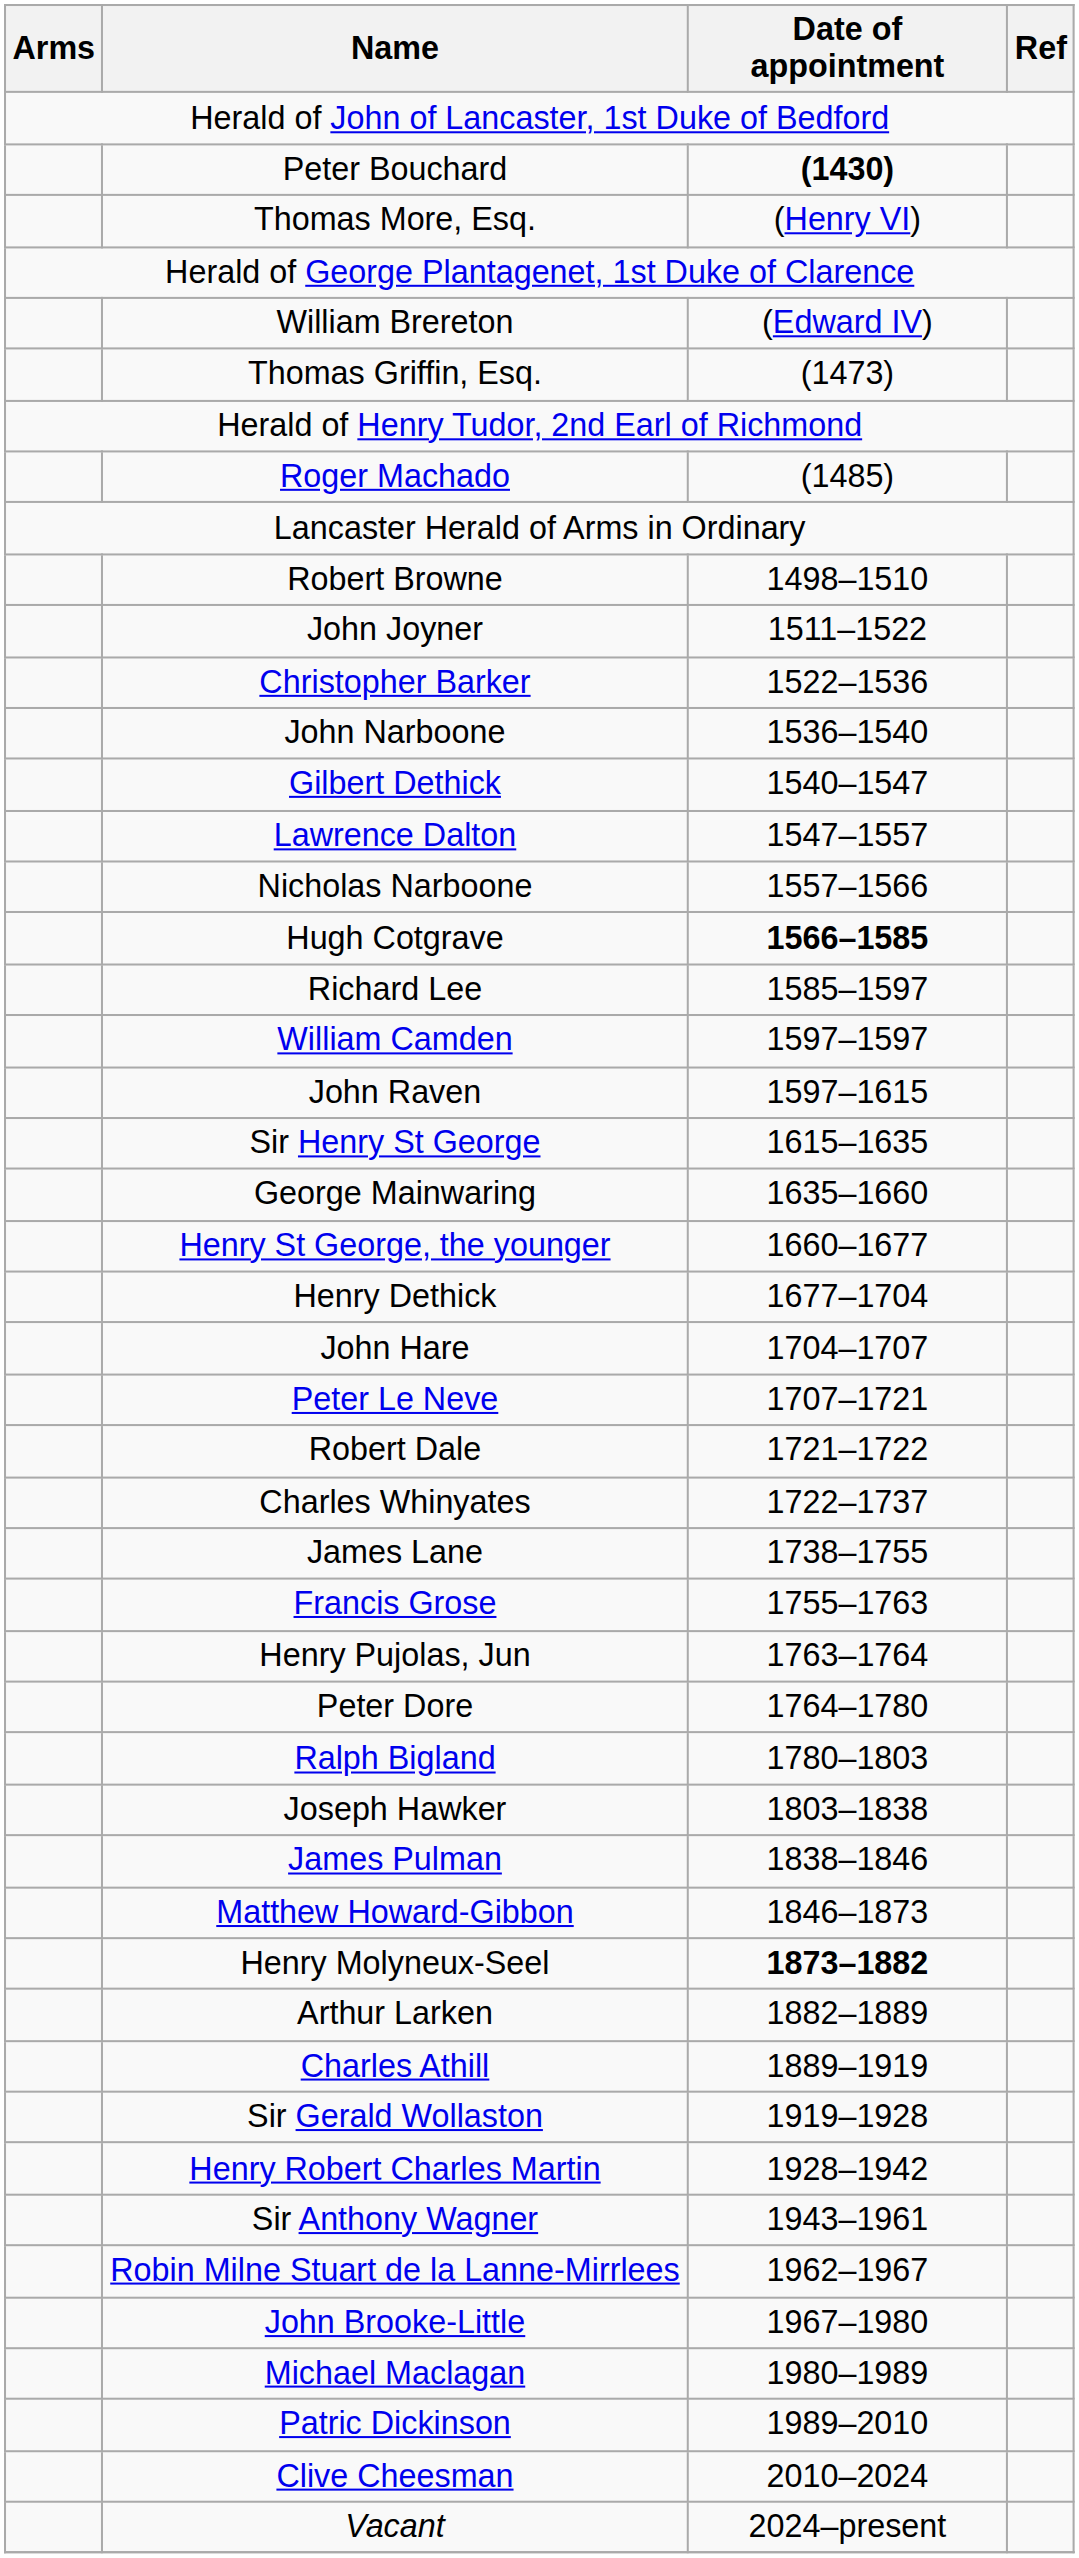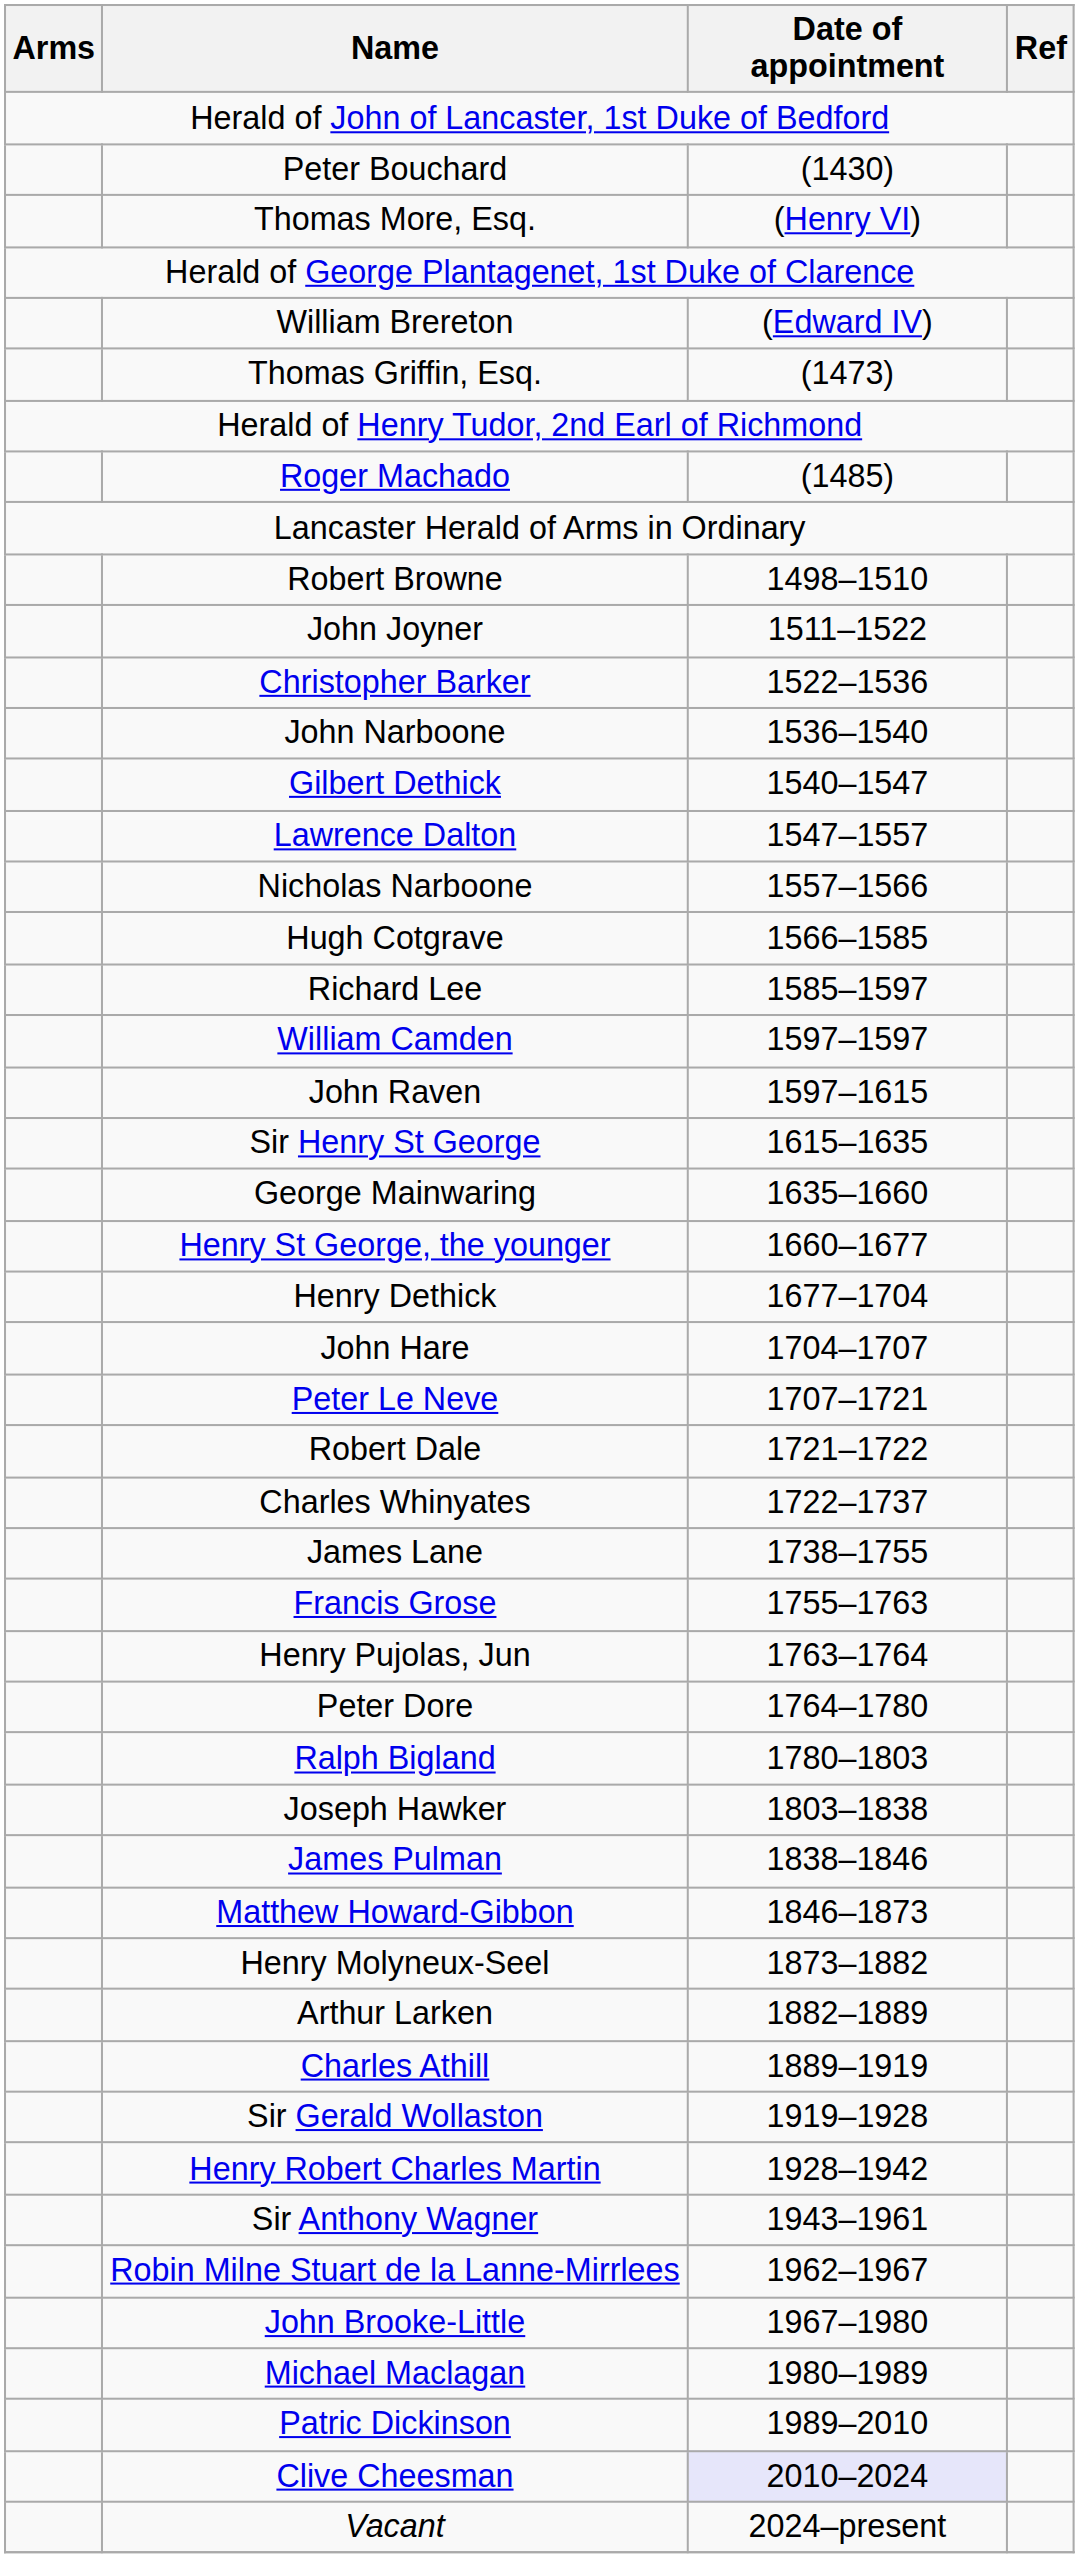 <table class="wikitable" style="text-align:center; width:60%">
 <tr>
 <th>Arms</th>
 <th style="width:55%">Name</th>
 <th style="width:30%">Date of appointment</th>
 <th style="width:5%">Ref</th>
 </tr>
 <tr>
 <td colspan="5" align="center">Herald of <a href='#'>John of Lancaster, 1st Duke of Bedford</a></td>
 </tr>
 <tr>
 <td></td>
 <td>Peter Bouchard</td>
-<td><strong>(1430)</strong></td>
+<td>(1430)</td>
 <td></td>
 </tr>
 <tr>
 <td></td>
 <td>Thomas More, Esq.</td>
 <td>(<a href='#'>Henry VI</a>)</td>
 <td></td>
 </tr>
 <tr>
 <td colspan="5" align="center">Herald of <a href='#'>George Plantagenet, 1st Duke of Clarence</a></td>
 </tr>
 <tr>
 <td></td>
 <td>William Brereton</td>
 <td>(<a href='#'>Edward IV</a>)</td>
 <td></td>
 </tr>
 <tr>
 <td></td>
 <td>Thomas Griffin, Esq.</td>
 <td>(1473)</td>
 <td></td>
 </tr>
 <tr>
 <td colspan="5" align="center">Herald of <a href='#'>Henry Tudor, 2nd Earl of Richmond</a></td>
 </tr>
 <tr>
 <td></td>
 <td><a href='#'>Roger Machado</a></td>
 <td>(1485)</td>
 <td></td>
 </tr>
 <tr>
 <td colspan="5" align="center">Lancaster Herald of Arms in Ordinary</td>
 </tr>
 <tr>
 <td></td>
 <td>Robert Browne</td>
 <td>1498–1510</td>
 <td></td>
 </tr>
 <tr>
 <td></td>
 <td>John Joyner</td>
 <td>1511–1522</td>
 <td></td>
 </tr>
 <tr>
 <td></td>
 <td><a href='#'>Christopher Barker</a></td>
 <td>1522–1536</td>
 <td></td>
 </tr>
 <tr>
 <td></td>
 <td>John Narboone</td>
 <td>1536–1540</td>
 <td></td>
 </tr>
 <tr>
 <td></td>
 <td><a href='#'>Gilbert Dethick</a></td>
 <td>1540–1547</td>
 <td></td>
 </tr>
 <tr>
 <td></td>
 <td><a href='#'>Lawrence Dalton</a></td>
 <td>1547–1557</td>
 <td></td>
 </tr>
 <tr>
 <td></td>
 <td>Nicholas Narboone</td>
 <td>1557–1566</td>
 <td></td>
 </tr>
 <tr>
 <td></td>
 <td>Hugh Cotgrave</td>
-<td><strong>1566–1585</strong></td>
+<td>1566–1585</td>
 <td></td>
 </tr>
 <tr>
 <td></td>
 <td>Richard Lee</td>
 <td>1585–1597</td>
 <td></td>
 </tr>
 <tr>
 <td></td>
 <td><a href='#'>William Camden</a></td>
 <td>1597–1597</td>
 <td></td>
 </tr>
 <tr>
 <td></td>
 <td>John Raven</td>
 <td>1597–1615</td>
 <td></td>
 </tr>
 <tr>
 <td></td>
 <td>Sir <a href='#'>Henry St George</a></td>
 <td>1615–1635</td>
 <td></td>
 </tr>
 <tr>
 <td></td>
 <td>George Mainwaring</td>
 <td>1635–1660</td>
 <td></td>
 </tr>
 <tr>
 <td></td>
 <td><a href='#'>Henry St George, the younger</a></td>
 <td>1660–1677</td>
 <td></td>
 </tr>
 <tr>
 <td></td>
 <td>Henry Dethick</td>
 <td>1677–1704</td>
 <td></td>
 </tr>
 <tr>
 <td></td>
 <td>John Hare</td>
 <td>1704–1707</td>
 <td></td>
 </tr>
 <tr>
 <td></td>
 <td><a href='#'>Peter Le Neve</a></td>
 <td>1707–1721</td>
 <td></td>
 </tr>
 <tr>
 <td></td>
 <td>Robert Dale</td>
 <td>1721–1722</td>
 <td></td>
 </tr>
 <tr>
 <td></td>
 <td>Charles Whinyates</td>
 <td>1722–1737</td>
 <td></td>
 </tr>
 <tr>
 <td></td>
 <td>James Lane</td>
 <td>1738–1755</td>
 <td></td>
 </tr>
 <tr>
 <td></td>
 <td><a href='#'>Francis Grose</a></td>
 <td>1755–1763</td>
 <td></td>
 </tr>
 <tr>
 <td></td>
 <td>Henry Pujolas, Jun</td>
 <td>1763–1764</td>
 <td></td>
 </tr>
 <tr>
 <td></td>
 <td>Peter Dore</td>
 <td>1764–1780</td>
 <td></td>
 </tr>
 <tr>
 <td></td>
 <td><a href='#'>Ralph Bigland</a></td>
 <td>1780–1803</td>
 <td></td>
 </tr>
 <tr>
 <td></td>
 <td>Joseph Hawker</td>
 <td>1803–1838</td>
 <td></td>
 </tr>
 <tr>
 <td></td>
 <td><a href='#'>James Pulman</a></td>
 <td>1838–1846</td>
 <td></td>
 </tr>
 <tr>
 <td></td>
 <td><a href='#'>Matthew Howard-Gibbon</a></td>
 <td>1846–1873</td>
 <td></td>
 </tr>
 <tr>
 <td></td>
 <td>Henry Molyneux-Seel</td>
-<td><strong>1873–1882</strong></td>
+<td>1873–1882</td>
 <td></td>
 </tr>
 <tr>
 <td></td>
 <td>Arthur Larken</td>
 <td>1882–1889</td>
 <td></td>
 </tr>
 <tr>
 <td></td>
 <td><a href='#'>Charles Athill</a></td>
 <td>1889–1919</td>
 <td></td>
 </tr>
 <tr>
 <td></td>
 <td>Sir <a href='#'>Gerald Wollaston</a></td>
 <td>1919–1928</td>
 <td></td>
 </tr>
 <tr>
 <td></td>
 <td><a href='#'>Henry Robert Charles Martin</a></td>
 <td>1928–1942</td>
 <td></td>
 </tr>
 <tr>
 <td></td>
 <td>Sir <a href='#'>Anthony Wagner</a></td>
 <td>1943–1961</td>
 <td></td>
 </tr>
 <tr>
 <td></td>
 <td><a href='#'>Robin Milne Stuart de la Lanne-Mirrlees</a></td>
 <td>1962–1967</td>
 <td></td>
 </tr>
 <tr>
 <td></td>
 <td><a href='#'>John Brooke-Little</a></td>
 <td>1967–1980</td>
 <td></td>
 </tr>
 <tr>
 <td></td>
 <td><a href='#'>Michael Maclagan</a></td>
 <td>1980–1989</td>
 <td></td>
 </tr>
 <tr>
 <td></td>
 <td><a href='#'>Patric Dickinson</a></td>
 <td>1989–2010</td>
 <td></td>
 </tr>
 <tr>
 <td></td>
 <td><a href='#'>Clive Cheesman</a></td>
-<td>2010–2024</td>
+<td style="background: lavender;">2010–2024</td>
 <td></td>
 </tr>
 <tr>
 <td></td>
 <td><em>Vacant</em></td>
 <td>2024–present</td>
 <td></td>
 </tr>
 <tr>
 </tr>
 </table>
